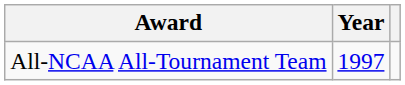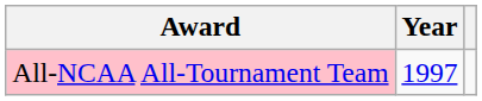 <table class="wikitable">
 <tr>
 <th>Award</th>
 <th>Year</th>
 <th></th>
 </tr>
 <tr>
-<td>All-<a href='#'>NCAA</a> <a href='#'>All-Tournament Team</a></td>
+<td style="background: pink;">All-<a href='#'>NCAA</a> <a href='#'>All-Tournament Team</a></td>
 <td><a href='#'>1997</a></td>
 <td></td>
 </tr>
 </table>
